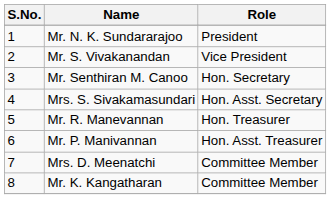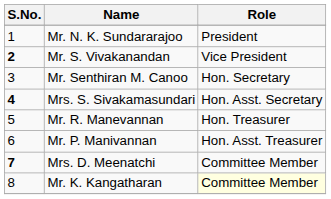 <table class="wikitable sortable">
 <tr>
 <th bgcolor="#CCCCCC">S.No.</th>
 <th bgcolor="#CCCCCC">Name</th>
 <th bgcolor="#CCCCCC">Role</th>
 </tr>
 <tr>
 </tr>
 <tr>
 <td>1</td>
 <td>Mr. N. K. Sundararajoo</td>
 <td>President</td>
 </tr>
 <tr>
-<td>2</td>
+<td><strong>2</strong></td>
 <td>Mr. S. Vivakanandan</td>
 <td>Vice President</td>
 </tr>
 <tr>
 <td>3</td>
 <td>Mr. Senthiran M. Canoo</td>
 <td>Hon. Secretary</td>
 </tr>
 <tr>
-<td>4</td>
+<td><strong>4</strong></td>
 <td>Mrs. S. Sivakamasundari</td>
 <td>Hon. Asst. Secretary</td>
 </tr>
 <tr>
 <td>5</td>
 <td>Mr. R. Manevannan</td>
 <td>Hon. Treasurer</td>
 </tr>
 <tr>
 <td>6</td>
 <td>Mr. P. Manivannan</td>
 <td>Hon. Asst. Treasurer</td>
 </tr>
 <tr>
-<td>7</td>
+<td><strong>7</strong></td>
 <td>Mrs. D. Meenatchi</td>
 <td>Committee Member</td>
 </tr>
 <tr>
 <td>8</td>
 <td>Mr. K. Kangatharan</td>
-<td>Committee Member</td>
+<td style="background: lightyellow;">Committee Member</td>
 </tr>
 <tr>
 </tr>
 </table>
